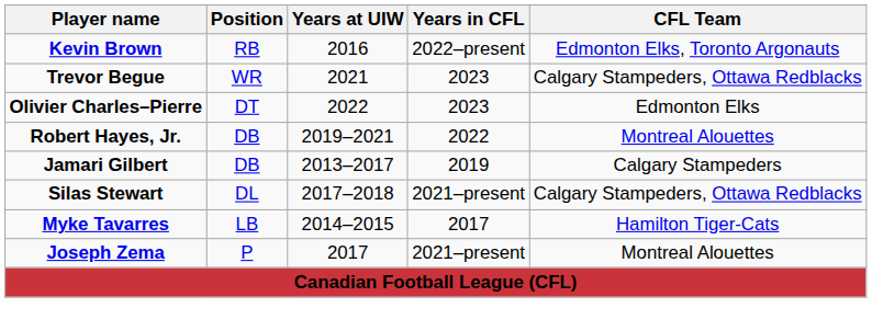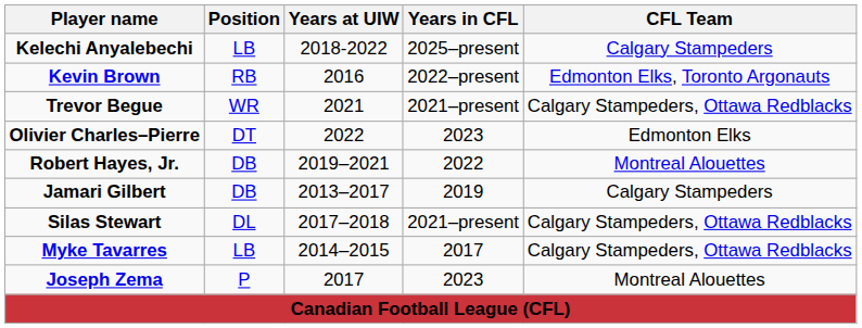 <table class="wikitable" style="text-align:center;">
 <tr>
 <th>Player name</th>
 <th>Position</th>
 <th>Years at UIW</th>
 <th>Years in CFL</th>
 <th>CFL Team</th>
+</tr>
+<tr align="center">
+<td><strong>Kelechi Anyalebechi</strong></td>
+<td><a href='#'>LB</a></td>
+<td>2018-2022</td>
+<td>2025–present</td>
+<td><a href='#'>Calgary Stampeders</a></td>
 </tr>
 <tr align="center">
 <td><strong><a href='#'>Kevin Brown</a></strong></td>
 <td><a href='#'>RB</a></td>
 <td>2016</td>
 <td>2022–present</td>
 <td><a href='#'>Edmonton Elks</a>, <a href='#'>Toronto Argonauts</a></td>
 </tr>
 <tr align="center">
 <td><strong>Trevor Begue</strong></td>
 <td><a href='#'>WR</a></td>
 <td>2021</td>
-<td>2023</td>
+<td>2021–present</td>
 <td>Calgary Stampeders, <a href='#'>Ottawa Redblacks</a></td>
 </tr>
 <tr align="center">
 <td><strong>Olivier Charles–Pierre</strong></td>
 <td><a href='#'>DT</a></td>
 <td>2022</td>
 <td>2023</td>
 <td>Edmonton Elks</td>
 </tr>
 <tr align="center">
 <td><strong>Robert Hayes, Jr.</strong></td>
 <td><a href='#'>DB</a></td>
 <td>2019–2021</td>
 <td>2022</td>
 <td><a href='#'>Montreal Alouettes</a></td>
 </tr>
 <tr align="center">
 <td><strong>Jamari Gilbert</strong></td>
 <td><a href='#'>DB</a></td>
 <td>2013–2017</td>
 <td>2019</td>
 <td>Calgary Stampeders</td>
 </tr>
 <tr align="center">
 <td><strong>Silas Stewart</strong></td>
 <td><a href='#'>DL</a></td>
 <td>2017–2018</td>
 <td>2021–present</td>
 <td>Calgary Stampeders, <a href='#'>Ottawa Redblacks</a></td>
 </tr>
 <tr align="center">
 <td><strong><a href='#'>Myke Tavarres</a></strong></td>
 <td><a href='#'>LB</a></td>
 <td>2014–2015</td>
 <td>2017</td>
-<td><a href='#'>Hamilton Tiger-Cats</a></td>
+<td>Calgary Stampeders, <a href='#'>Ottawa Redblacks</a></td>
 </tr>
 <tr align="center">
 <td><strong><a href='#'>Joseph Zema</a></strong></td>
 <td><a href='#'>P</a></td>
 <td>2017</td>
-<td>2021–present</td>
+<td>2023</td>
 <td>Montreal Alouettes</td>
 </tr>
 <tr align="center">
 <td colspan=5 bgcolor="CB333B"><span><strong>Canadian Football League (CFL)</strong></span></td>
 </tr>
 </table>
